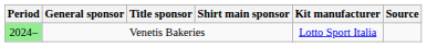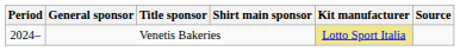 <table class="wikitable plainrowheaders sticky-header-multi sortable" style="text-align:center; margin:0px; margin-top:2px; font-size:85%; width=500px">
 <tr>
 <th>Period</th>
 <th>General sponsor</th>
 <th>Title sponsor</th>
 <th>Shirt main sponsor</th>
 <th>Kit manufacturer</th>
 <th>Source</th>
 </tr>
 <tr>
-<td style="background: lightgreen;">2024–</td>
+<td>2024–</td>
 <td colspan="3">Venetis Bakeries</td>
-<td><a href='#'>Lotto Sport Italia</a></td>
+<td style="background: khaki;"><a href='#'>Lotto Sport Italia</a></td>
 <td></td>
 </tr>
 </table>
